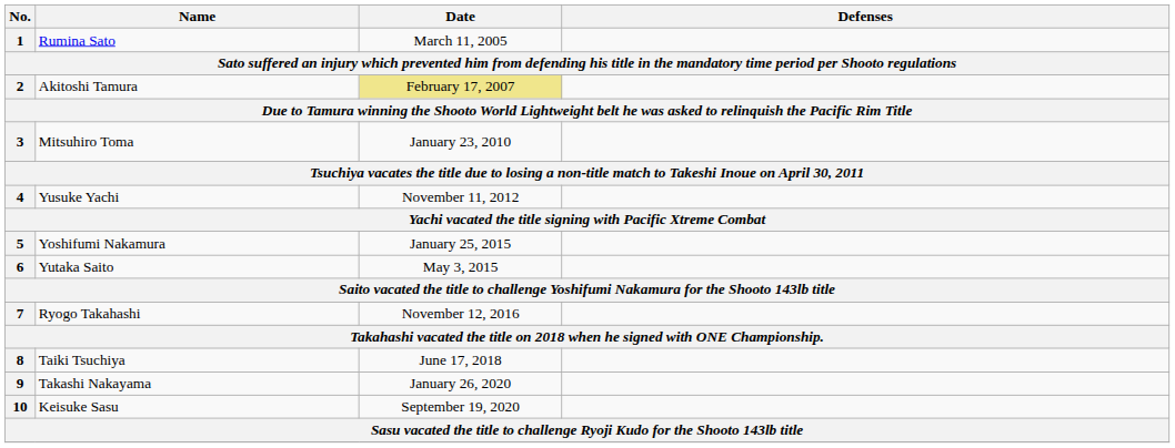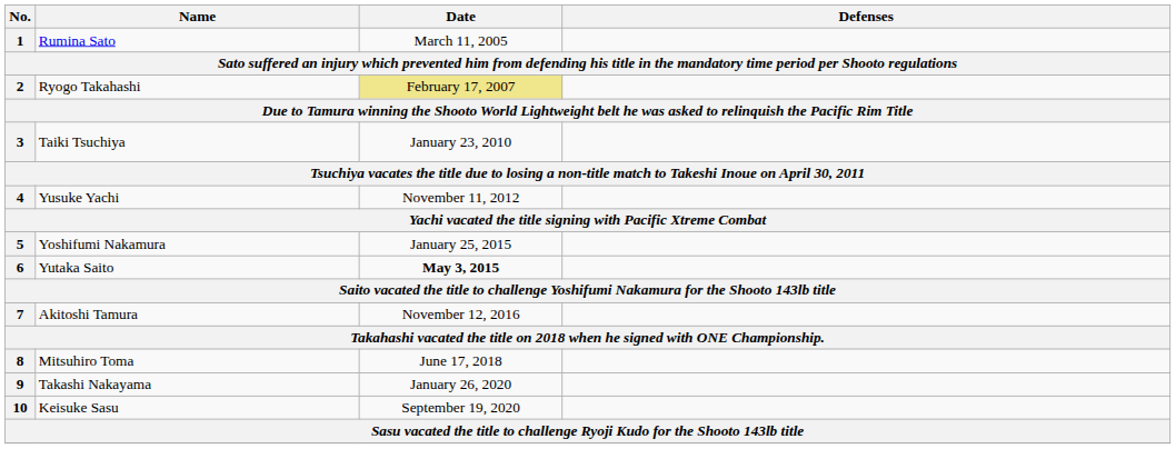 <table class="wikitable" style="width:100%;">
 <tr>
 <th width=1%>No.</th>
 <th width=24%>Name</th>
 <th width=15%>Date</th>
 <th width=45%>Defenses</th>
 </tr>
 <tr>
 <th>1</th>
 <td> <a href='#'>Rumina Sato</a> <br></td>
 <td align=center>March 11, 2005</td>
 <td></td>
 </tr>
 <tr>
 <th colspan=4 align=center><em>Sato suffered an injury which prevented him from defending his title in the mandatory time period per Shooto regulations</em></th>
 </tr>
 <tr>
 <th>2</th>
-<td> Akitoshi Tamura <br></td>
+<td> Ryogo Takahashi <br></td>
 <td align=center style="background: khaki;">February 17, 2007</td>
 <td></td>
 </tr>
 <tr>
 <th colspan=4 align=center><em>Due to Tamura winning the Shooto World Lightweight belt he was asked to relinquish the Pacific Rim Title</em></th>
 </tr>
 <tr>
 <th>3</th>
-<td> Mitsuhiro Toma <br></td>
+<td> Taiki Tsuchiya <br></td>
 <td align=center>January 23, 2010</td>
 <td><br><br> </td>
 </tr>
 <tr>
 <th colspan=4 align=center><em>Tsuchiya vacates the title due to losing a non-title match to Takeshi Inoue on April 30, 2011</em></th>
 </tr>
 <tr>
 <th>4</th>
 <td> Yusuke Yachi <br></td>
 <td align=center>November 11, 2012</td>
 <td></td>
 </tr>
 <tr>
 <th colspan=4 align=center><em>Yachi vacated the title signing with Pacific Xtreme Combat</em></th>
 </tr>
 <tr>
 <th>5</th>
 <td> Yoshifumi Nakamura</td>
 <td align=center>January 25, 2015</td>
 <td></td>
 </tr>
 <tr>
 <th>6</th>
 <td> Yutaka Saito</td>
-<td align=center>May 3, 2015</td>
+<td align=center><strong>May 3, 2015</strong></td>
 <td></td>
 </tr>
 <tr>
 <th colspan=4 align=center><em>Saito vacated the title to challenge Yoshifumi Nakamura for the Shooto 143lb title</em></th>
 </tr>
 <tr>
 <th>7</th>
-<td> Ryogo Takahashi <br></td>
+<td> Akitoshi Tamura <br></td>
 <td align=center>November 12, 2016</td>
 <td></td>
 </tr>
 <tr>
 <th colspan=4 align=center><em>Takahashi vacated the title on 2018 when he signed with ONE Championship.</em></th>
 </tr>
 <tr>
 <th>8</th>
-<td> Taiki Tsuchiya <br></td>
+<td> Mitsuhiro Toma <br></td>
 <td align=center>June 17, 2018</td>
 <td></td>
 </tr>
 <tr>
 <th>9</th>
 <td> Takashi Nakayama</td>
 <td align=center>January 26, 2020</td>
 <td></td>
 </tr>
 <tr>
 <th>10</th>
 <td> Keisuke Sasu</td>
 <td align=center>September 19, 2020</td>
 <td></td>
 </tr>
 <tr>
 <th colspan=4 align=center><em>Sasu vacated the title to challenge Ryoji Kudo for the Shooto 143lb title</em></th>
 </tr>
 <tr>
 </tr>
 </table>
